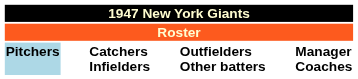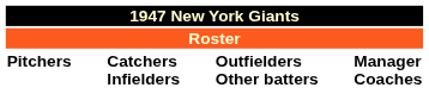 <table class="toccolours" style="font-size: 95%;">
 <tr>
 <th colspan="10" style="background-color: black; color: #FFFDD0; text-align: center;">1947 New York Giants</th>
 </tr>
 <tr>
 <td colspan="10" style="background-color: #fd5a1e; color: #FFFDD0; text-align: center;"><strong>Roster</strong></td>
 </tr>
 <tr>
-<td valign="top" style="background: lightblue;"><strong>Pitchers</strong><br>                  </td>
+<td valign="top"><strong>Pitchers</strong><br>                  </td>
 <td width="25px"></td>
 <td valign="top"><strong>Catchers</strong><br>      <strong>Infielders</strong>       </td>
 <td width="25px"></td>
 <td valign="top"><strong>Outfielders</strong><br>      <strong>Other batters</strong>   </td>
 <td width="25px"></td>
 <td valign="top"><strong>Manager</strong><br> <strong>Coaches</strong>   </td>
 </tr>
 </table>
